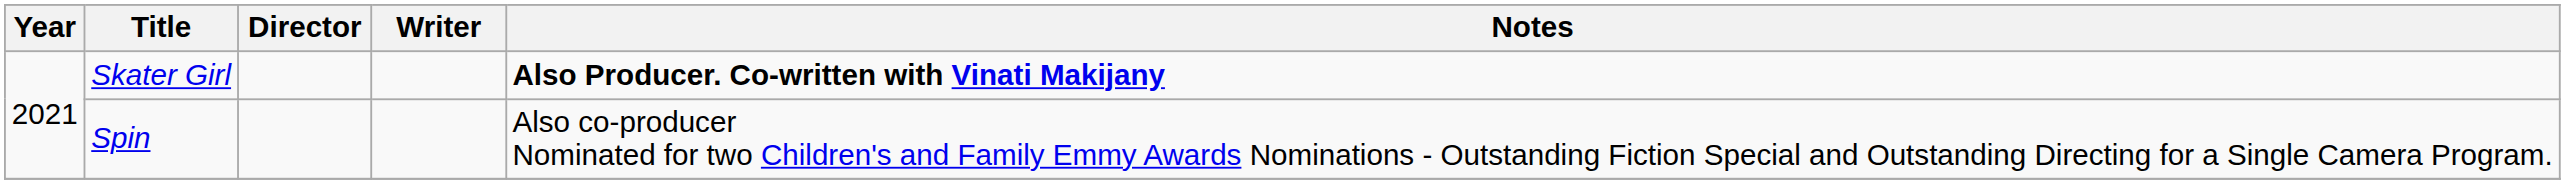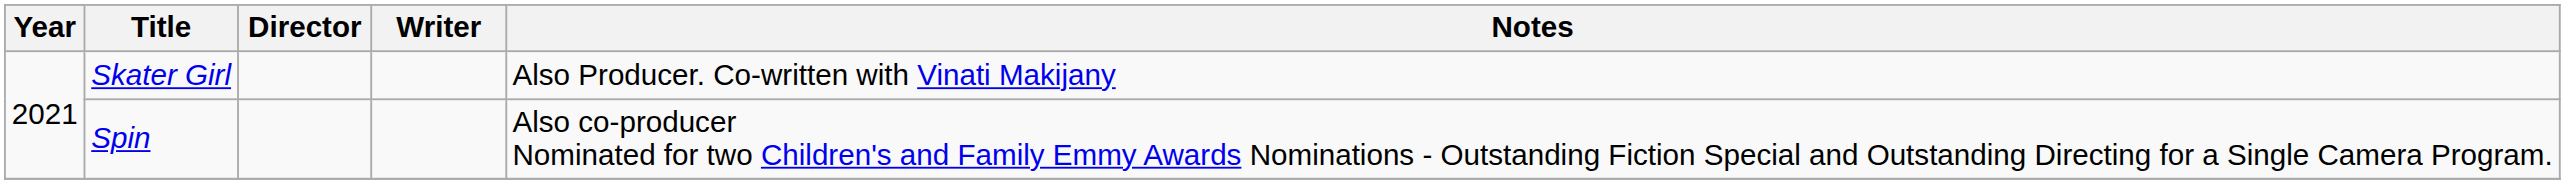 <table class="wikitable">
 <tr>
 <th>Year</th>
 <th>Title</th>
 <th width=65>Director</th>
 <th width=65>Writer</th>
 <th>Notes</th>
 </tr>
 <tr>
 <td rowspan="2">2021</td>
 <td><em><a href='#'>Skater Girl</a></em></td>
 <td></td>
 <td></td>
-<td><strong>Also Producer. Co-written with <a href='#'>Vinati Makijany</a></strong></td>
+<td>Also Producer. Co-written with <a href='#'>Vinati Makijany</a></td>
 </tr>
 <tr>
 <td><em><a href='#'>Spin</a></em></td>
 <td></td>
 <td></td>
 <td>Also co-producer<br>Nominated for two <a href='#'>Children's and Family Emmy Awards</a> Nominations - Outstanding Fiction Special and Outstanding Directing for a Single Camera Program.</td>
 </tr>
 <tr>
 </tr>
 </table>
